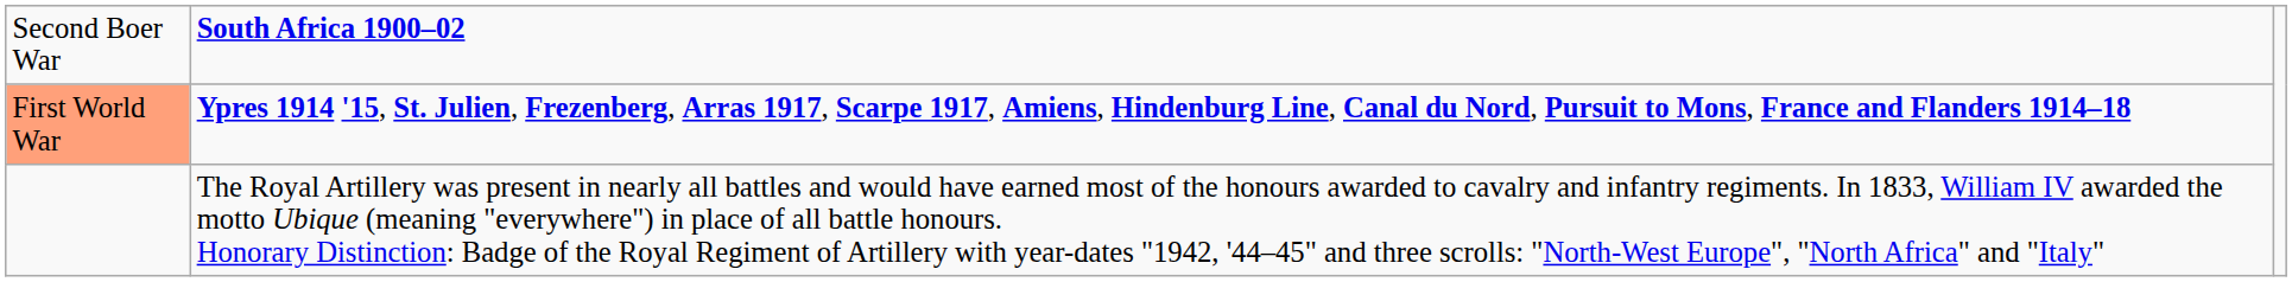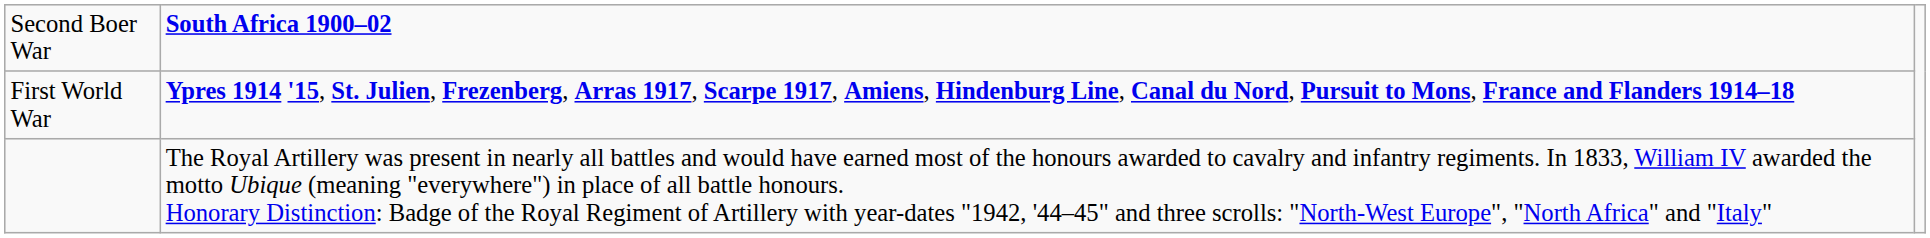 <table class="wikitable">
 <tr valign=top>
 <td>Second Boer War</td>
 <td><strong><a href='#'>South Africa 1900–02</a></strong></td>
 <td rowspan=3></td>
 </tr>
 <tr valign=top>
-<td style="background: lightsalmon;">First World War</td>
+<td>First World War</td>
 <td><strong><a href='#'>Ypres 1914</a></strong> <strong><a href='#'>'15</a></strong>, <strong><a href='#'>St. Julien</a></strong>, <strong><a href='#'>Frezenberg</a></strong>, <strong><a href='#'>Arras 1917</a></strong>, <strong><a href='#'>Scarpe 1917</a></strong>, <strong><a href='#'>Amiens</a></strong>, <strong><a href='#'>Hindenburg Line</a></strong>, <strong><a href='#'>Canal du Nord</a></strong>, <strong><a href='#'>Pursuit to Mons</a></strong>, <strong><a href='#'>France and Flanders 1914–18</a></strong></td>
 </tr>
 <tr valign=top>
 <td></td>
 <td>The Royal Artillery was present in nearly all battles and would have earned most of the honours awarded to cavalry and infantry regiments. In 1833, <a href='#'>William IV</a> awarded the motto <em>Ubique</em> (meaning "everywhere") in place of all battle honours.<br><a href='#'>Honorary Distinction</a>: Badge of the Royal Regiment of Artillery with year-dates "1942, '44–45" and three scrolls: "<a href='#'>North-West Europe</a>", "<a href='#'>North Africa</a>" and "<a href='#'>Italy</a>"</td>
 </tr>
 </table>
